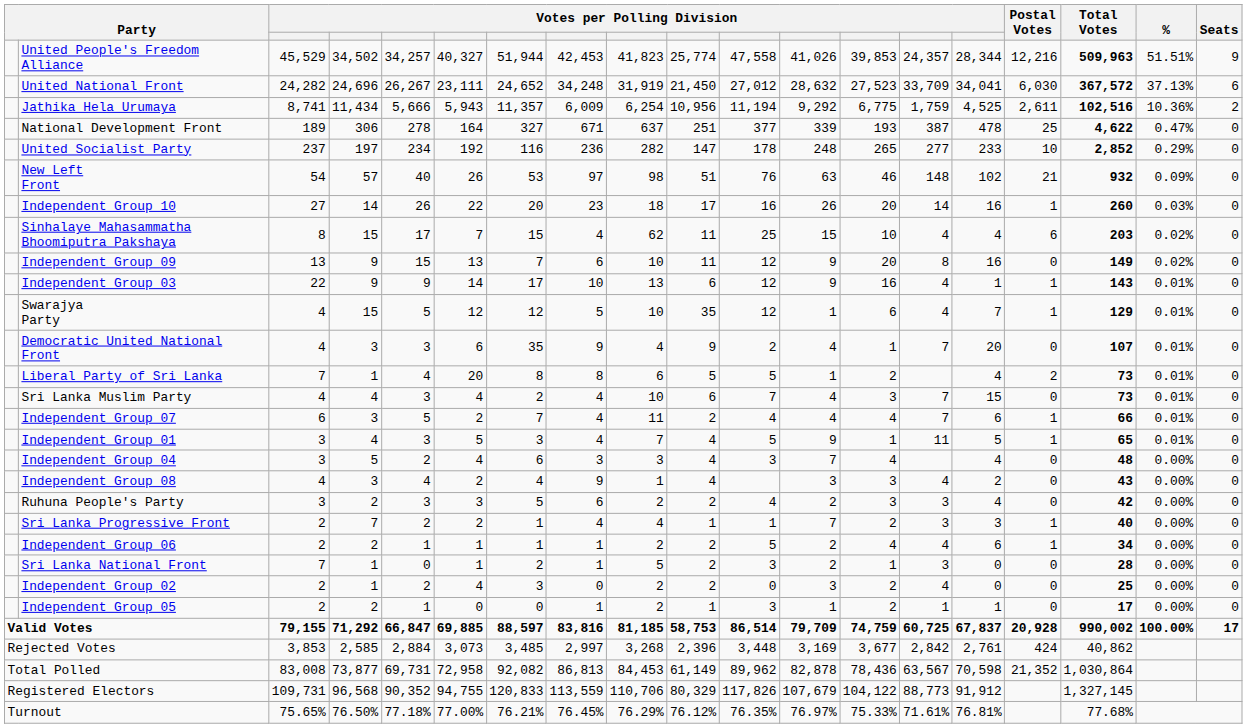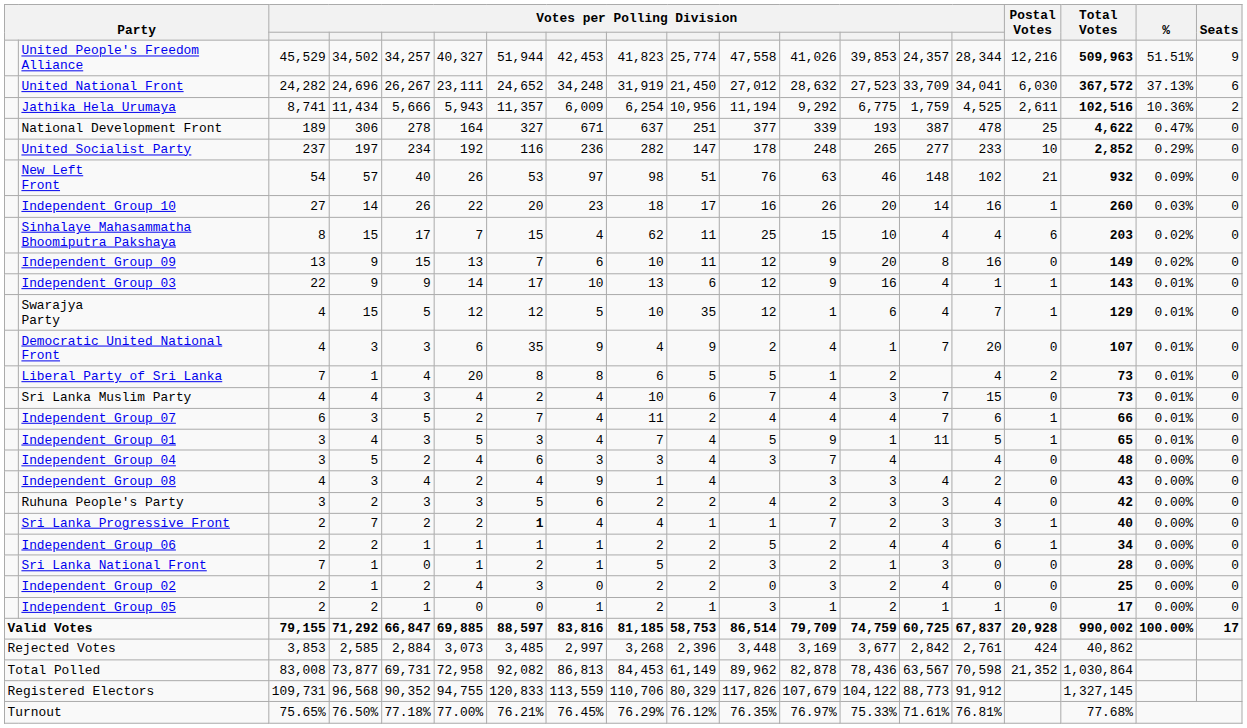 <table class="wikitable" border="1" style="text-align:right;">
 <tr>
 <th align=left valign=bottom rowspan=2 colspan=2 width="180">Party</th>
 <th colspan=13>Votes per Polling Division</th>
 <th align=center valign=bottom rowspan=2 width="50">Postal<br>Votes</th>
 <th align=center valign=bottom rowspan=2 width="50">Total Votes</th>
 <th align=center valign=bottom rowspan=2 width="50">%</th>
 <th align=center valign=bottom rowspan=2 width="40">Seats</th>
 </tr>
 <tr>
 <th></th>
 <th></th>
 <th></th>
 <th></th>
 <th></th>
 <th></th>
 <th></th>
 <th></th>
 <th></th>
 <th></th>
 <th></th>
 <th></th>
 <th></th>
 </tr>
 <tr>
 <td bgcolor=> </td>
 <td align=left><a href='#'>United People's Freedom Alliance</a></td>
 <td>45,529</td>
 <td>34,502</td>
 <td>34,257</td>
 <td>40,327</td>
 <td>51,944</td>
 <td>42,453</td>
 <td>41,823</td>
 <td>25,774</td>
 <td>47,558</td>
 <td>41,026</td>
 <td>39,853</td>
 <td>24,357</td>
 <td>28,344</td>
 <td>12,216</td>
 <td><strong>509,963</strong></td>
 <td>51.51%</td>
 <td>9</td>
 </tr>
 <tr>
 <td bgcolor=> </td>
 <td align=left><a href='#'>United National Front</a></td>
 <td>24,282</td>
 <td>24,696</td>
 <td>26,267</td>
 <td>23,111</td>
 <td>24,652</td>
 <td>34,248</td>
 <td>31,919</td>
 <td>21,450</td>
 <td>27,012</td>
 <td>28,632</td>
 <td>27,523</td>
 <td>33,709</td>
 <td>34,041</td>
 <td>6,030</td>
 <td><strong>367,572</strong></td>
 <td>37.13%</td>
 <td>6</td>
 </tr>
 <tr>
 <td bgcolor=> </td>
 <td align=left><a href='#'>Jathika Hela Urumaya</a></td>
 <td>8,741</td>
 <td>11,434</td>
 <td>5,666</td>
 <td>5,943</td>
 <td>11,357</td>
 <td>6,009</td>
 <td>6,254</td>
 <td>10,956</td>
 <td>11,194</td>
 <td>9,292</td>
 <td>6,775</td>
 <td>1,759</td>
 <td>4,525</td>
 <td>2,611</td>
 <td><strong>102,516</strong></td>
 <td>10.36%</td>
 <td>2</td>
 </tr>
 <tr>
 <td bgcolor=> </td>
 <td align=left>National Development Front</td>
 <td>189</td>
 <td>306</td>
 <td>278</td>
 <td>164</td>
 <td>327</td>
 <td>671</td>
 <td>637</td>
 <td>251</td>
 <td>377</td>
 <td>339</td>
 <td>193</td>
 <td>387</td>
 <td>478</td>
 <td>25</td>
 <td><strong>4,622</strong></td>
 <td>0.47%</td>
 <td>0</td>
 </tr>
 <tr>
 <td bgcolor=> </td>
 <td align=left><a href='#'>United Socialist Party</a></td>
 <td>237</td>
 <td>197</td>
 <td>234</td>
 <td>192</td>
 <td>116</td>
 <td>236</td>
 <td>282</td>
 <td>147</td>
 <td>178</td>
 <td>248</td>
 <td>265</td>
 <td>277</td>
 <td>233</td>
 <td>10</td>
 <td><strong>2,852</strong></td>
 <td>0.29%</td>
 <td>0</td>
 </tr>
 <tr>
 <td bgcolor=> </td>
 <td align=left><a href='#'>New Left<br>Front</a></td>
 <td>54</td>
 <td>57</td>
 <td>40</td>
 <td>26</td>
 <td>53</td>
 <td>97</td>
 <td>98</td>
 <td>51</td>
 <td>76</td>
 <td>63</td>
 <td>46</td>
 <td>148</td>
 <td>102</td>
 <td>21</td>
 <td><strong>932</strong></td>
 <td>0.09%</td>
 <td>0</td>
 </tr>
 <tr>
 <td bgcolor=> </td>
 <td align=left><a href='#'>Independent Group 10</a></td>
 <td>27</td>
 <td>14</td>
 <td>26</td>
 <td>22</td>
 <td>20</td>
 <td>23</td>
 <td>18</td>
 <td>17</td>
 <td>16</td>
 <td>26</td>
 <td>20</td>
 <td>14</td>
 <td>16</td>
 <td>1</td>
 <td><strong>260</strong></td>
 <td>0.03%</td>
 <td>0</td>
 </tr>
 <tr>
 <td bgcolor=> </td>
 <td align=left><a href='#'>Sinhalaye Mahasammatha Bhoomiputra Pakshaya</a></td>
 <td>8</td>
 <td>15</td>
 <td>17</td>
 <td>7</td>
 <td>15</td>
 <td>4</td>
 <td>62</td>
 <td>11</td>
 <td>25</td>
 <td>15</td>
 <td>10</td>
 <td>4</td>
 <td>4</td>
 <td>6</td>
 <td><strong>203</strong></td>
 <td>0.02%</td>
 <td>0</td>
 </tr>
 <tr>
 <td bgcolor=> </td>
 <td align=left><a href='#'>Independent Group 09</a></td>
 <td>13</td>
 <td>9</td>
 <td>15</td>
 <td>13</td>
 <td>7</td>
 <td>6</td>
 <td>10</td>
 <td>11</td>
 <td>12</td>
 <td>9</td>
 <td>20</td>
 <td>8</td>
 <td>16</td>
 <td>0</td>
 <td><strong>149</strong></td>
 <td>0.02%</td>
 <td>0</td>
 </tr>
 <tr>
 <td bgcolor=> </td>
 <td align=left><a href='#'>Independent Group 03</a></td>
 <td>22</td>
 <td>9</td>
 <td>9</td>
 <td>14</td>
 <td>17</td>
 <td>10</td>
 <td>13</td>
 <td>6</td>
 <td>12</td>
 <td>9</td>
 <td>16</td>
 <td>4</td>
 <td>1</td>
 <td>1</td>
 <td><strong>143</strong></td>
 <td>0.01%</td>
 <td>0</td>
 </tr>
 <tr>
 <td bgcolor=> </td>
 <td align=left>Swarajya<br>Party</td>
 <td>4</td>
 <td>15</td>
 <td>5</td>
 <td>12</td>
 <td>12</td>
 <td>5</td>
 <td>10</td>
 <td>35</td>
 <td>12</td>
 <td>1</td>
 <td>6</td>
 <td>4</td>
 <td>7</td>
 <td>1</td>
 <td><strong>129</strong></td>
 <td>0.01%</td>
 <td>0</td>
 </tr>
 <tr>
 <td bgcolor=> </td>
 <td align=left><a href='#'>Democratic United National Front</a></td>
 <td>4</td>
 <td>3</td>
 <td>3</td>
 <td>6</td>
 <td>35</td>
 <td>9</td>
 <td>4</td>
 <td>9</td>
 <td>2</td>
 <td>4</td>
 <td>1</td>
 <td>7</td>
 <td>20</td>
 <td>0</td>
 <td><strong>107</strong></td>
 <td>0.01%</td>
 <td>0</td>
 </tr>
 <tr>
 <td bgcolor=> </td>
 <td align=left><a href='#'>Liberal Party of Sri Lanka</a></td>
 <td>7</td>
 <td>1</td>
 <td>4</td>
 <td>20</td>
 <td>8</td>
 <td>8</td>
 <td>6</td>
 <td>5</td>
 <td>5</td>
 <td>1</td>
 <td>2</td>
 <td></td>
 <td>4</td>
 <td>2</td>
 <td><strong>73</strong></td>
 <td>0.01%</td>
 <td>0</td>
 </tr>
 <tr>
 <td bgcolor=> </td>
 <td align=left>Sri Lanka Muslim Party</td>
 <td>4</td>
 <td>4</td>
 <td>3</td>
 <td>4</td>
 <td>2</td>
 <td>4</td>
 <td>10</td>
 <td>6</td>
 <td>7</td>
 <td>4</td>
 <td>3</td>
 <td>7</td>
 <td>15</td>
 <td>0</td>
 <td><strong>73</strong></td>
 <td>0.01%</td>
 <td>0</td>
 </tr>
 <tr>
 <td bgcolor=> </td>
 <td align=left><a href='#'>Independent Group 07</a></td>
 <td>6</td>
 <td>3</td>
 <td>5</td>
 <td>2</td>
 <td>7</td>
 <td>4</td>
 <td>11</td>
 <td>2</td>
 <td>4</td>
 <td>4</td>
 <td>4</td>
 <td>7</td>
 <td>6</td>
 <td>1</td>
 <td><strong>66</strong></td>
 <td>0.01%</td>
 <td>0</td>
 </tr>
 <tr>
 <td bgcolor=> </td>
 <td align=left><a href='#'>Independent Group 01</a></td>
 <td>3</td>
 <td>4</td>
 <td>3</td>
 <td>5</td>
 <td>3</td>
 <td>4</td>
 <td>7</td>
 <td>4</td>
 <td>5</td>
 <td>9</td>
 <td>1</td>
 <td>11</td>
 <td>5</td>
 <td>1</td>
 <td><strong>65</strong></td>
 <td>0.01%</td>
 <td>0</td>
 </tr>
 <tr>
 <td bgcolor=> </td>
 <td align=left><a href='#'>Independent Group 04</a></td>
 <td>3</td>
 <td>5</td>
 <td>2</td>
 <td>4</td>
 <td>6</td>
 <td>3</td>
 <td>3</td>
 <td>4</td>
 <td>3</td>
 <td>7</td>
 <td>4</td>
 <td></td>
 <td>4</td>
 <td>0</td>
 <td><strong>48</strong></td>
 <td>0.00%</td>
 <td>0</td>
 </tr>
 <tr>
 <td bgcolor=> </td>
 <td align=left><a href='#'>Independent Group 08</a></td>
 <td>4</td>
 <td>3</td>
 <td>4</td>
 <td>2</td>
 <td>4</td>
 <td>9</td>
 <td>1</td>
 <td>4</td>
 <td></td>
 <td>3</td>
 <td>3</td>
 <td>4</td>
 <td>2</td>
 <td>0</td>
 <td><strong>43</strong></td>
 <td>0.00%</td>
 <td>0</td>
 </tr>
 <tr>
 <td bgcolor=> </td>
 <td align=left>Ruhuna People's Party</td>
 <td>3</td>
 <td>2</td>
 <td>3</td>
 <td>3</td>
 <td>5</td>
 <td>6</td>
 <td>2</td>
 <td>2</td>
 <td>4</td>
 <td>2</td>
 <td>3</td>
 <td>3</td>
 <td>4</td>
 <td>0</td>
 <td><strong>42</strong></td>
 <td>0.00%</td>
 <td>0</td>
 </tr>
 <tr>
 <td bgcolor=> </td>
 <td align=left><a href='#'>Sri Lanka Progressive Front</a></td>
 <td>2</td>
 <td>7</td>
 <td>2</td>
 <td>2</td>
-<td>1</td>
+<td><strong>1</strong></td>
 <td>4</td>
 <td>4</td>
 <td>1</td>
 <td>1</td>
 <td>7</td>
 <td>2</td>
 <td>3</td>
 <td>3</td>
 <td>1</td>
 <td><strong>40</strong></td>
 <td>0.00%</td>
 <td>0</td>
 </tr>
 <tr>
 <td bgcolor=> </td>
 <td align=left><a href='#'>Independent Group 06</a></td>
 <td>2</td>
 <td>2</td>
 <td>1</td>
 <td>1</td>
 <td>1</td>
 <td>1</td>
 <td>2</td>
 <td>2</td>
 <td>5</td>
 <td>2</td>
 <td>4</td>
 <td>4</td>
 <td>6</td>
 <td>1</td>
 <td><strong>34</strong></td>
 <td>0.00%</td>
 <td>0</td>
 </tr>
 <tr>
 <td bgcolor=> </td>
 <td align=left><a href='#'>Sri Lanka National Front</a></td>
 <td>7</td>
 <td>1</td>
 <td>0</td>
 <td>1</td>
 <td>2</td>
 <td>1</td>
 <td>5</td>
 <td>2</td>
 <td>3</td>
 <td>2</td>
 <td>1</td>
 <td>3</td>
 <td>0</td>
 <td>0</td>
 <td><strong>28</strong></td>
 <td>0.00%</td>
 <td>0</td>
 </tr>
 <tr>
 <td bgcolor=> </td>
 <td align=left><a href='#'>Independent Group 02</a></td>
 <td>2</td>
 <td>1</td>
 <td>2</td>
 <td>4</td>
 <td>3</td>
 <td>0</td>
 <td>2</td>
 <td>2</td>
 <td>0</td>
 <td>3</td>
 <td>2</td>
 <td>4</td>
 <td>0</td>
 <td>0</td>
 <td><strong>25</strong></td>
 <td>0.00%</td>
 <td>0</td>
 </tr>
 <tr>
 <td bgcolor=> </td>
 <td align=left><a href='#'>Independent Group 05</a></td>
 <td>2</td>
 <td>2</td>
 <td>1</td>
 <td>0</td>
 <td>0</td>
 <td>1</td>
 <td>2</td>
 <td>1</td>
 <td>3</td>
 <td>1</td>
 <td>2</td>
 <td>1</td>
 <td>1</td>
 <td>0</td>
 <td><strong>17</strong></td>
 <td>0.00%</td>
 <td>0</td>
 </tr>
 <tr>
 <td align=left colspan=2><strong>Valid Votes</strong></td>
 <td><strong>79,155</strong></td>
 <td><strong>71,292</strong></td>
 <td><strong>66,847</strong></td>
 <td><strong>69,885</strong></td>
 <td><strong>88,597</strong></td>
 <td><strong>83,816</strong></td>
 <td><strong>81,185</strong></td>
 <td><strong>58,753</strong></td>
 <td><strong>86,514</strong></td>
 <td><strong>79,709</strong></td>
 <td><strong>74,759</strong></td>
 <td><strong>60,725</strong></td>
 <td><strong>67,837</strong></td>
 <td><strong>20,928</strong></td>
 <td><strong>990,002</strong></td>
 <td><strong>100.00%</strong></td>
 <td><strong>17</strong></td>
 </tr>
 <tr>
 <td align=left colspan=2>Rejected Votes</td>
 <td>3,853</td>
 <td>2,585</td>
 <td>2,884</td>
 <td>3,073</td>
 <td>3,485</td>
 <td>2,997</td>
 <td>3,268</td>
 <td>2,396</td>
 <td>3,448</td>
 <td>3,169</td>
 <td>3,677</td>
 <td>2,842</td>
 <td>2,761</td>
 <td>424</td>
 <td>40,862</td>
 <td></td>
 <td></td>
 </tr>
 <tr>
 <td align=left colspan=2>Total Polled</td>
 <td>83,008</td>
 <td>73,877</td>
 <td>69,731</td>
 <td>72,958</td>
 <td>92,082</td>
 <td>86,813</td>
 <td>84,453</td>
 <td>61,149</td>
 <td>89,962</td>
 <td>82,878</td>
 <td>78,436</td>
 <td>63,567</td>
 <td>70,598</td>
 <td>21,352</td>
 <td>1,030,864</td>
 <td></td>
 <td></td>
 </tr>
 <tr>
 <td align=left colspan=2>Registered Electors</td>
 <td>109,731</td>
 <td>96,568</td>
 <td>90,352</td>
 <td>94,755</td>
 <td>120,833</td>
 <td>113,559</td>
 <td>110,706</td>
 <td>80,329</td>
 <td>117,826</td>
 <td>107,679</td>
 <td>104,122</td>
 <td>88,773</td>
 <td>91,912</td>
 <td></td>
 <td>1,327,145</td>
 <td></td>
 <td></td>
 </tr>
 <tr>
 <td align=left colspan=2>Turnout</td>
 <td>75.65%</td>
 <td>76.50%</td>
 <td>77.18%</td>
 <td>77.00%</td>
 <td>76.21%</td>
 <td>76.45%</td>
 <td>76.29%</td>
 <td>76.12%</td>
 <td>76.35%</td>
 <td>76.97%</td>
 <td>75.33%</td>
 <td>71.61%</td>
 <td>76.81%</td>
 <td></td>
 <td>77.68%</td>
 </tr>
 </table>
